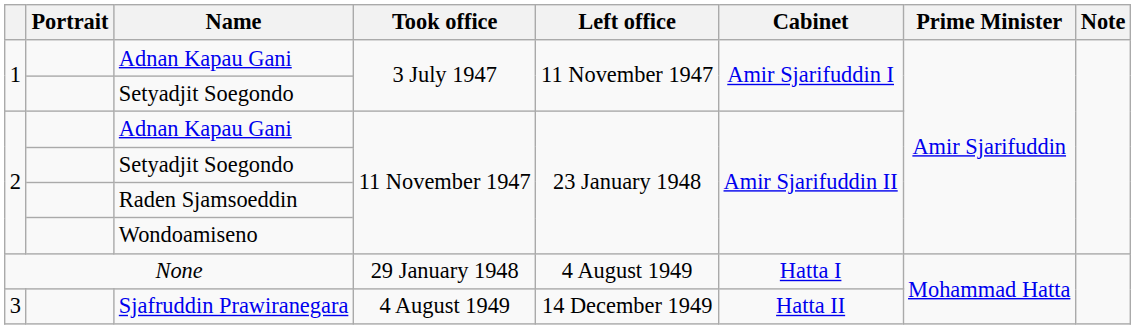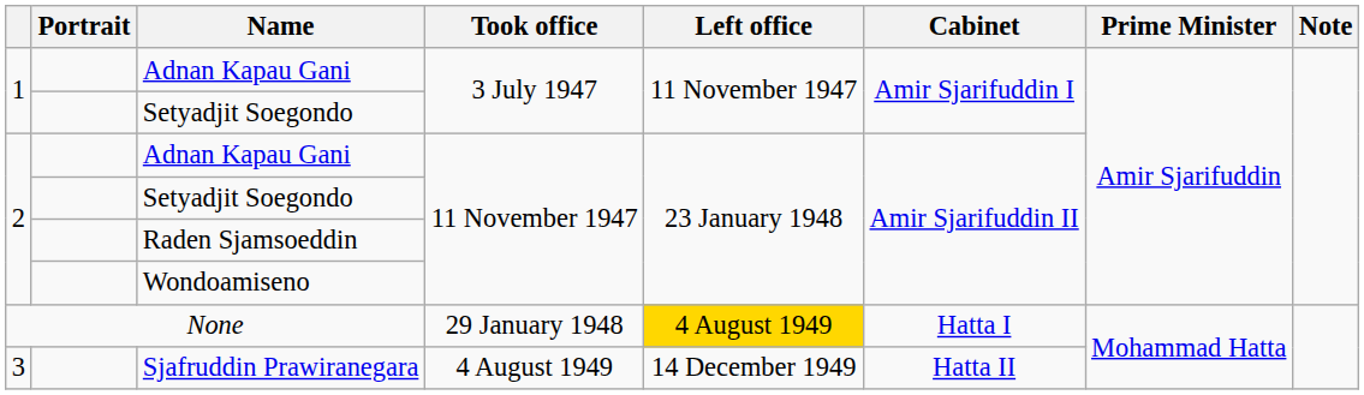 <table class="wikitable">
 <tr>
 <th></th>
 <th>Portrait</th>
 <th>Name</th>
 <th>Took office</th>
 <th>Left office</th>
 <th>Cabinet</th>
 <th>Prime Minister</th>
 <th>Note</th>
 </tr>
 <tr>
 <td rowspan=2 align="center">1</td>
 <td></td>
 <td><a href='#'>Adnan Kapau Gani</a></td>
 <td rowspan=2 align="center">3 July 1947</td>
 <td rowspan=2 align="center">11 November 1947</td>
 <td rowspan=2 align="center"><a href='#'>Amir Sjarifuddin I</a></td>
 <td rowspan=6 align="center"><a href='#'>Amir Sjarifuddin</a></td>
 <td rowspan=6 align="center"></td>
 </tr>
 <tr>
 <td></td>
 <td>Setyadjit Soegondo</td>
 </tr>
 <tr>
 <td rowspan=4 align="center">2</td>
 <td></td>
 <td><a href='#'>Adnan Kapau Gani</a></td>
 <td rowspan=4 align="center">11 November 1947</td>
 <td rowspan=4 align="center">23 January 1948</td>
 <td rowspan=4 align="center"><a href='#'>Amir Sjarifuddin II</a></td>
 </tr>
 <tr>
 <td></td>
 <td>Setyadjit Soegondo</td>
 </tr>
 <tr>
 <td></td>
 <td>Raden Sjamsoeddin</td>
 </tr>
 <tr>
 <td></td>
 <td>Wondoamiseno</td>
 </tr>
 <tr>
 <td colspan=3 align="center"><em>None</em></td>
 <td align="center">29 January 1948</td>
-<td align="center">4 August 1949</td>
+<td align="center" style="background: gold;">4 August 1949</td>
 <td align="center"><a href='#'>Hatta I</a></td>
 <td rowspan=2 align="center"><a href='#'>Mohammad Hatta</a></td>
 <td rowspan=2 align="center"></td>
 </tr>
 <tr>
 <td align="center">3</td>
 <td></td>
 <td><a href='#'>Sjafruddin Prawiranegara</a></td>
 <td align="center">4 August 1949</td>
 <td align="center">14 December 1949</td>
 <td align="center"><a href='#'>Hatta II</a></td>
 </tr>
 </table>
